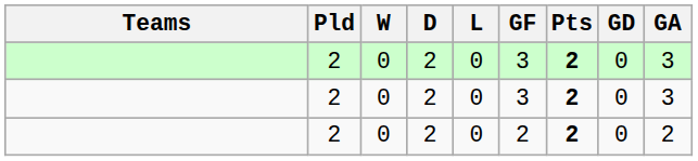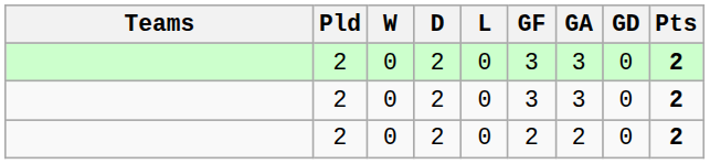 <table class="wikitable" style="text-align: center;">
 <tr>
 <th width=165>Teams</th>
 <th width=20>Pld</th>
 <th width=20>W</th>
 <th width=20>D</th>
 <th width=20>L</th>
 <th width=20>GF</th>
+<th width=20>GA</th>
+<th width=20>GD</th>
 <th width=20>Pts</th>
-<th width=20>GD</th>
-<th width=20>GA</th>
 </tr>
 <tr align=center style="background:#ccffcc;">
 <td style="text-align:left;"></td>
 <td>2</td>
 <td>0</td>
 <td>2</td>
 <td>0</td>
 <td>3</td>
+<td>3</td>
+<td>0</td>
 <td><strong>2</strong></td>
-<td>0</td>
-<td>3</td>
 </tr>
 <tr align=center>
 <td style="text-align:left;"></td>
 <td>2</td>
 <td>0</td>
 <td>2</td>
 <td>0</td>
 <td>3</td>
+<td>3</td>
+<td>0</td>
 <td><strong>2</strong></td>
-<td>0</td>
-<td>3</td>
 </tr>
 <tr align=center>
 <td style="text-align:left;"></td>
 <td>2</td>
 <td>0</td>
 <td>2</td>
 <td>0</td>
 <td>2</td>
+<td>2</td>
+<td>0</td>
 <td><strong>2</strong></td>
-<td>0</td>
-<td>2</td>
 </tr>
 </table>
